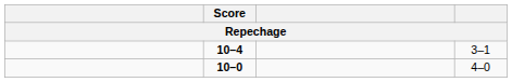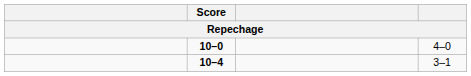 <table class="wikitable" style="text-align: left; ">
 <tr>
 <th align="right" width="270"></th>
 <th width="65">Score</th>
 <th align="left" width="270"></th>
 <th width="65"></th>
 </tr>
 <tr>
 <th colspan=4>Repechage</th>
 </tr>
 <tr>
 <td><strong></strong></td>
+<td align="center"><strong>10–0</strong></td>
+<td></td>
+<td align=center>4–0 <strong></strong></td>
+</tr>
+<tr>
+<td><strong></strong></td>
 <td align="center"><strong>10–4</strong></td>
 <td></td>
 <td align=center>3–1 <strong></strong></td>
 </tr>
-<tr>
-<td><strong></strong></td>
-<td align="center"><strong>10–0</strong></td>
-<td></td>
-<td align=center>4–0 <strong></strong></td>
-</tr>
 </table>
